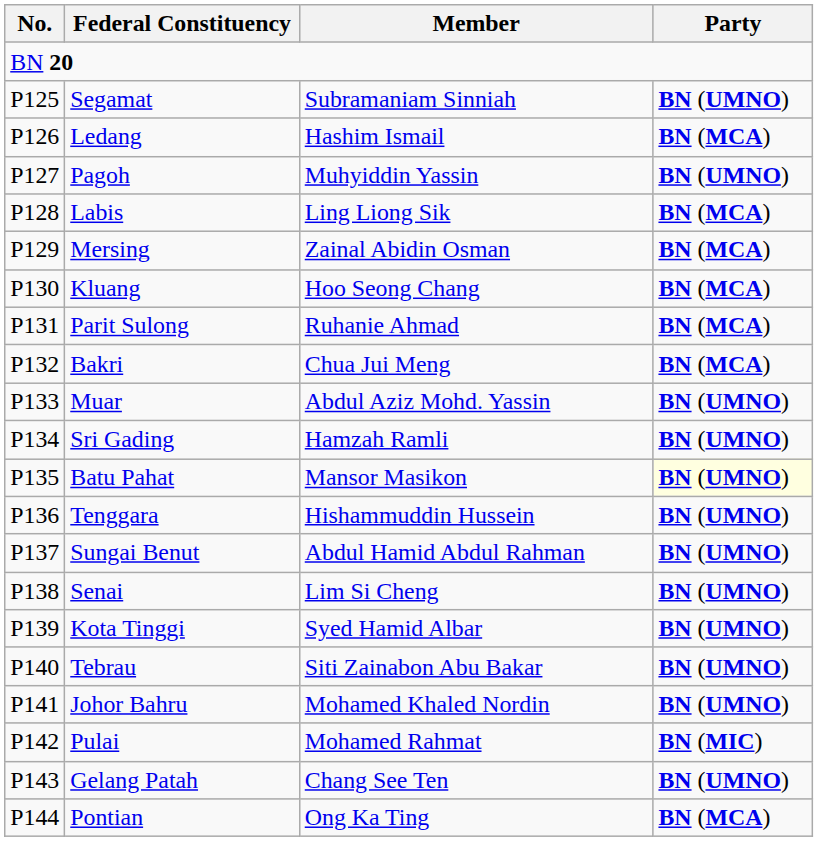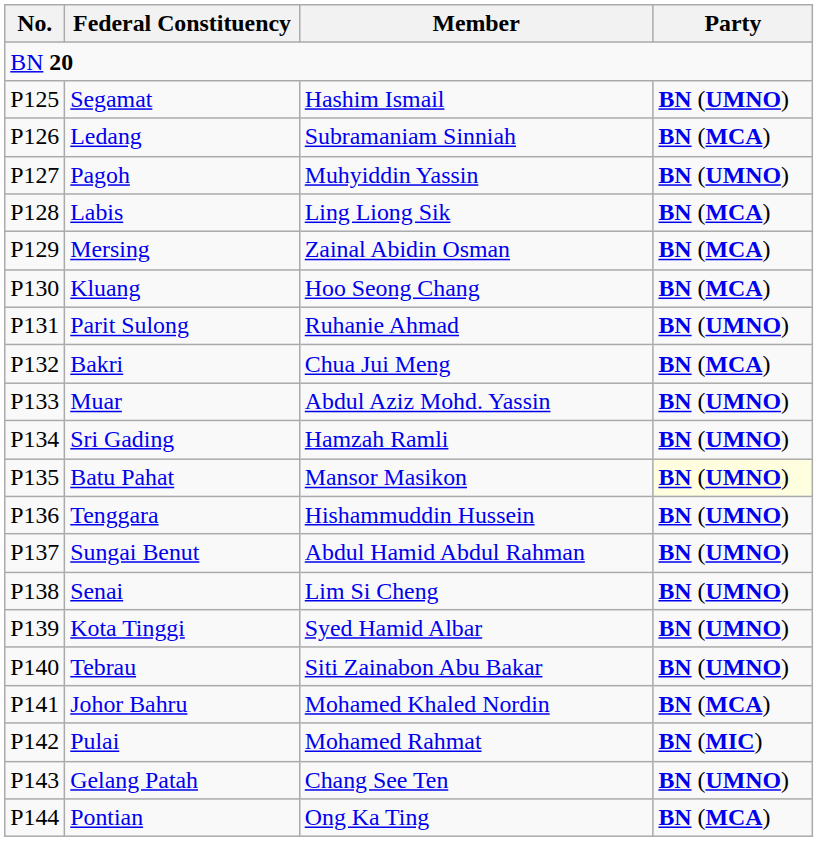 <table class="wikitable sortable">
 <tr>
 <th style="width:30px;">No.</th>
 <th style="width:150px;">Federal Constituency</th>
 <th style="width:230px;">Member</th>
 <th style="width:100px;">Party</th>
 </tr>
 <tr>
 <td colspan="4"><a href='#'>BN</a> <strong>20</strong></td>
 </tr>
 <tr>
 <td>P125</td>
 <td><a href='#'>Segamat</a></td>
-<td><a href='#'>Subramaniam Sinniah</a></td>
+<td><a href='#'>Hashim Ismail</a></td>
 <td><strong><a href='#'>BN</a></strong> (<strong><a href='#'>UMNO</a></strong>)</td>
 </tr>
 <tr>
 <td>P126</td>
 <td><a href='#'>Ledang</a></td>
-<td><a href='#'>Hashim Ismail</a></td>
+<td><a href='#'>Subramaniam Sinniah</a></td>
 <td><strong><a href='#'>BN</a></strong> (<strong><a href='#'>MCA</a></strong>)</td>
 </tr>
 <tr>
 <td>P127</td>
 <td><a href='#'>Pagoh</a></td>
 <td><a href='#'>Muhyiddin Yassin</a></td>
 <td><strong><a href='#'>BN</a></strong> (<strong><a href='#'>UMNO</a></strong>)</td>
 </tr>
 <tr>
 <td>P128</td>
 <td><a href='#'>Labis</a></td>
 <td><a href='#'>Ling Liong Sik</a></td>
 <td><strong><a href='#'>BN</a></strong> (<strong><a href='#'>MCA</a></strong>)</td>
 </tr>
 <tr>
 <td>P129</td>
 <td><a href='#'>Mersing</a></td>
 <td><a href='#'>Zainal Abidin Osman</a></td>
 <td><strong><a href='#'>BN</a></strong> (<strong><a href='#'>MCA</a></strong>)</td>
 </tr>
 <tr>
 <td>P130</td>
 <td><a href='#'>Kluang</a></td>
 <td><a href='#'>Hoo Seong Chang</a></td>
 <td><strong><a href='#'>BN</a></strong> (<strong><a href='#'>MCA</a></strong>)</td>
 </tr>
 <tr>
 <td>P131</td>
 <td><a href='#'>Parit Sulong</a></td>
 <td><a href='#'>Ruhanie Ahmad</a></td>
-<td><strong><a href='#'>BN</a></strong> (<strong><a href='#'>MCA</a></strong>)</td>
+<td><strong><a href='#'>BN</a></strong> (<strong><a href='#'>UMNO</a></strong>)</td>
 </tr>
 <tr>
 <td>P132</td>
 <td><a href='#'>Bakri</a></td>
 <td><a href='#'>Chua Jui Meng</a></td>
 <td><strong><a href='#'>BN</a></strong> (<strong><a href='#'>MCA</a></strong>)</td>
 </tr>
 <tr>
 <td>P133</td>
 <td><a href='#'>Muar</a></td>
 <td><a href='#'>Abdul Aziz Mohd. Yassin</a></td>
 <td><strong><a href='#'>BN</a></strong> (<strong><a href='#'>UMNO</a></strong>)</td>
 </tr>
 <tr>
 <td>P134</td>
 <td><a href='#'>Sri Gading</a></td>
 <td><a href='#'>Hamzah Ramli</a></td>
 <td><strong><a href='#'>BN</a></strong> (<strong><a href='#'>UMNO</a></strong>)</td>
 </tr>
 <tr>
 <td>P135</td>
 <td><a href='#'>Batu Pahat</a></td>
 <td><a href='#'>Mansor Masikon</a></td>
 <td style="background: lightyellow;"><strong><a href='#'>BN</a></strong> (<strong><a href='#'>UMNO</a></strong>)</td>
 </tr>
 <tr>
 <td>P136</td>
 <td><a href='#'>Tenggara</a></td>
 <td><a href='#'>Hishammuddin Hussein</a></td>
 <td><strong><a href='#'>BN</a></strong> (<strong><a href='#'>UMNO</a></strong>)</td>
 </tr>
 <tr>
 <td>P137</td>
 <td><a href='#'>Sungai Benut</a></td>
 <td><a href='#'>Abdul Hamid Abdul Rahman</a></td>
 <td><strong><a href='#'>BN</a></strong> (<strong><a href='#'>UMNO</a></strong>)</td>
 </tr>
 <tr>
 <td>P138</td>
 <td><a href='#'>Senai</a></td>
 <td><a href='#'>Lim Si Cheng</a></td>
 <td><strong><a href='#'>BN</a></strong> (<strong><a href='#'>UMNO</a></strong>)</td>
 </tr>
 <tr>
 <td>P139</td>
 <td><a href='#'>Kota Tinggi</a></td>
 <td><a href='#'>Syed Hamid Albar</a></td>
 <td><strong><a href='#'>BN</a></strong> (<strong><a href='#'>UMNO</a></strong>)</td>
 </tr>
 <tr>
 <td>P140</td>
 <td><a href='#'>Tebrau</a></td>
 <td><a href='#'>Siti Zainabon Abu Bakar</a></td>
 <td><strong><a href='#'>BN</a></strong> (<strong><a href='#'>UMNO</a></strong>)</td>
 </tr>
 <tr>
 <td>P141</td>
 <td><a href='#'>Johor Bahru</a></td>
 <td><a href='#'>Mohamed Khaled Nordin</a></td>
-<td><strong><a href='#'>BN</a></strong> (<strong><a href='#'>UMNO</a></strong>)</td>
+<td><strong><a href='#'>BN</a></strong> (<strong><a href='#'>MCA</a></strong>)</td>
 </tr>
 <tr>
 <td>P142</td>
 <td><a href='#'>Pulai</a></td>
 <td><a href='#'>Mohamed Rahmat</a></td>
 <td><strong><a href='#'>BN</a></strong> (<strong><a href='#'>MIC</a></strong>)</td>
 </tr>
 <tr>
 <td>P143</td>
 <td><a href='#'>Gelang Patah</a></td>
 <td><a href='#'>Chang See Ten</a></td>
 <td><strong><a href='#'>BN</a></strong> (<strong><a href='#'>UMNO</a></strong>)</td>
 </tr>
 <tr>
 <td>P144</td>
 <td><a href='#'>Pontian</a></td>
 <td><a href='#'>Ong Ka Ting</a></td>
 <td><strong><a href='#'>BN</a></strong> (<strong><a href='#'>MCA</a></strong>)</td>
 </tr>
 </table>
